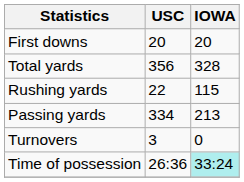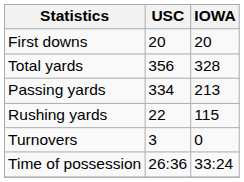 <table class="wikitable">
 <tr>
 <th>Statistics</th>
 <th>USC</th>
 <th>IOWA</th>
 </tr>
 <tr>
 <td>First downs</td>
 <td>20</td>
 <td>20</td>
 </tr>
 <tr>
 <td>Total yards</td>
 <td>356</td>
 <td>328</td>
 </tr>
 <tr>
+<td>Passing yards</td>
+<td>334</td>
+<td>213</td>
+</tr>
+<tr>
 <td>Rushing yards</td>
 <td>22</td>
 <td>115</td>
-</tr>
-<tr>
-<td>Passing yards</td>
-<td>334</td>
-<td>213</td>
 </tr>
 <tr>
 <td>Turnovers</td>
 <td>3</td>
 <td>0</td>
 </tr>
 <tr>
 <td>Time of possession</td>
 <td>26:36</td>
-<td style="background: paleturquoise;">33:24</td>
+<td>33:24</td>
 </tr>
 <tr>
 </tr>
 </table>
